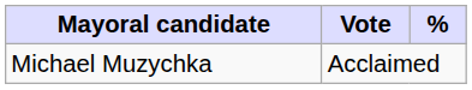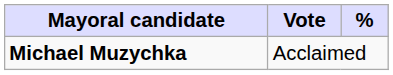 <table class="wikitable">
 <tr>
 <th style="background:#ddf; width:200px;">Mayoral candidate</th>
 <th style="background:#ddf; width:50px;">Vote</th>
 <th style="background:#ddf; width:30px;">%</th>
 </tr>
 <tr>
-<td>Michael Muzychka</td>
+<td><strong>Michael Muzychka</strong></td>
 <td colspan="2">Acclaimed</td>
 </tr>
 </table>
